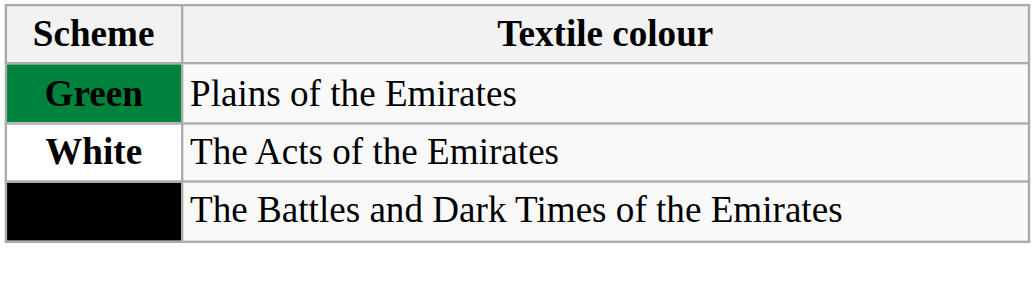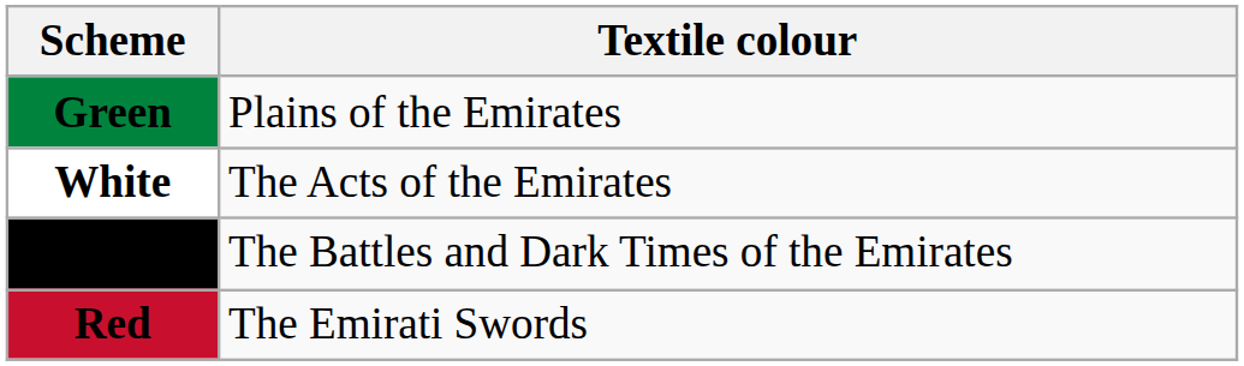 <table class="wikitable" style="width:50%; margin-left:auto; margin-right:auto;">
 <tr>
 <th>Scheme</th>
 <th>Textile colour</th>
 </tr>
 <tr>
 <th style="background: #00843D"><span> Green </span></th>
 <td>Plains of the Emirates</td>
 </tr>
 <tr>
 <th style="background: #ffffff">White</th>
 <td>The Acts of the Emirates</td>
 </tr>
 <tr>
 <th style="background: #000000"><span> Black </span></th>
 <td>The Battles and Dark Times of the Emirates</td>
 </tr>
+<tr>
+<th style="background: #C8102E"><span> Red </span></th>
+<td>The Emirati Swords</td>
+</tr>
 </table>
